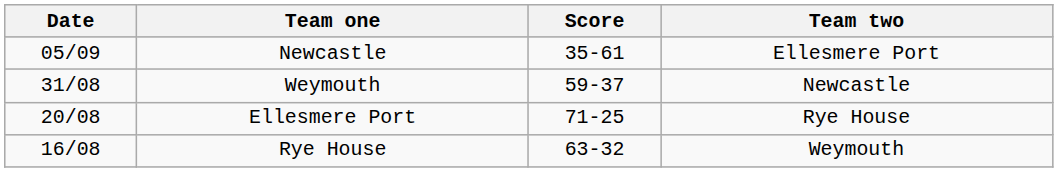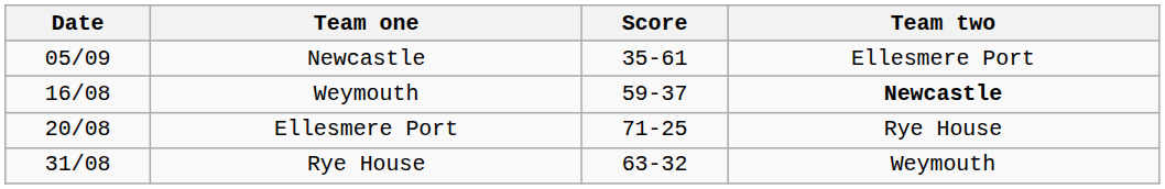 <table class="wikitable" style="text-align: center">
 <tr>
 <th width=80>Date</th>
 <th width=250>Team one</th>
 <th width=80>Score</th>
 <th width=250>Team two</th>
 </tr>
 <tr>
 <td>05/09</td>
 <td>Newcastle</td>
 <td>35-61</td>
 <td>Ellesmere Port</td>
 </tr>
 <tr>
-<td>31/08</td>
+<td>16/08</td>
 <td>Weymouth</td>
 <td>59-37</td>
-<td>Newcastle</td>
+<td><strong>Newcastle</strong></td>
 </tr>
 <tr>
 <td>20/08</td>
 <td>Ellesmere Port</td>
 <td>71-25</td>
 <td>Rye House</td>
 </tr>
 <tr>
-<td>16/08</td>
+<td>31/08</td>
 <td>Rye House</td>
 <td>63-32</td>
 <td>Weymouth</td>
 </tr>
 </table>
